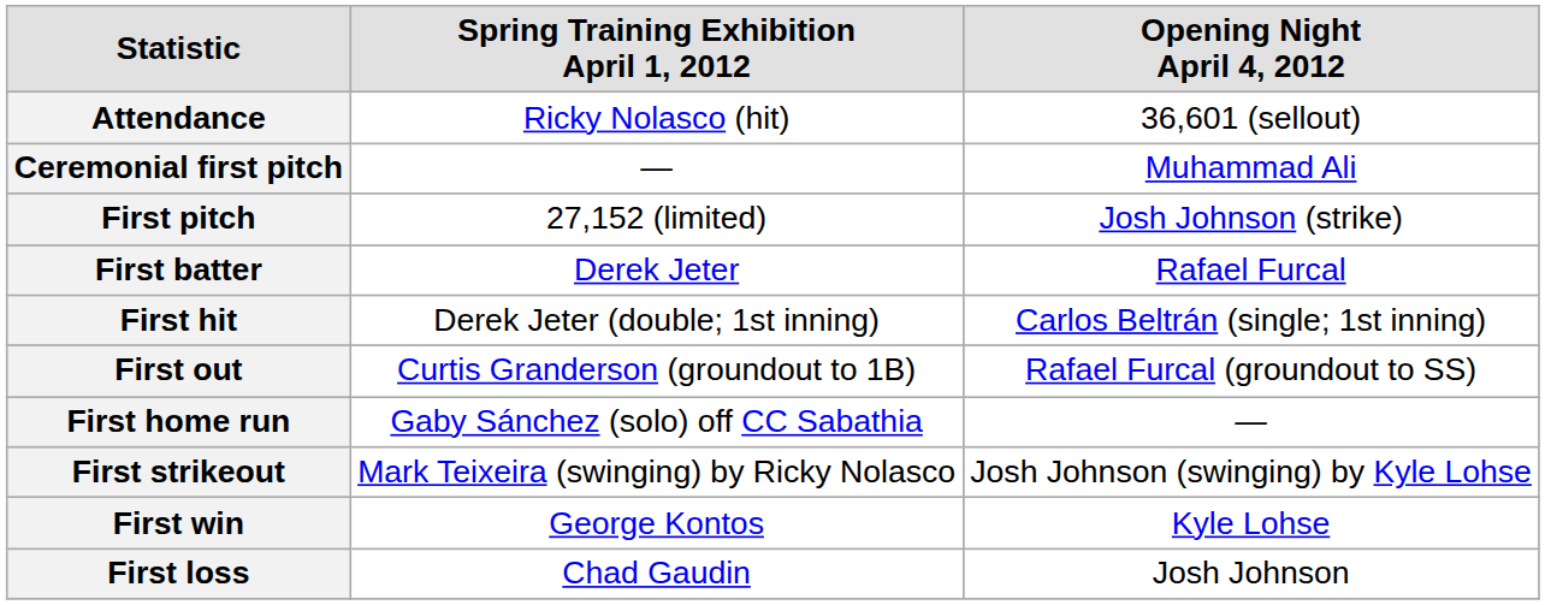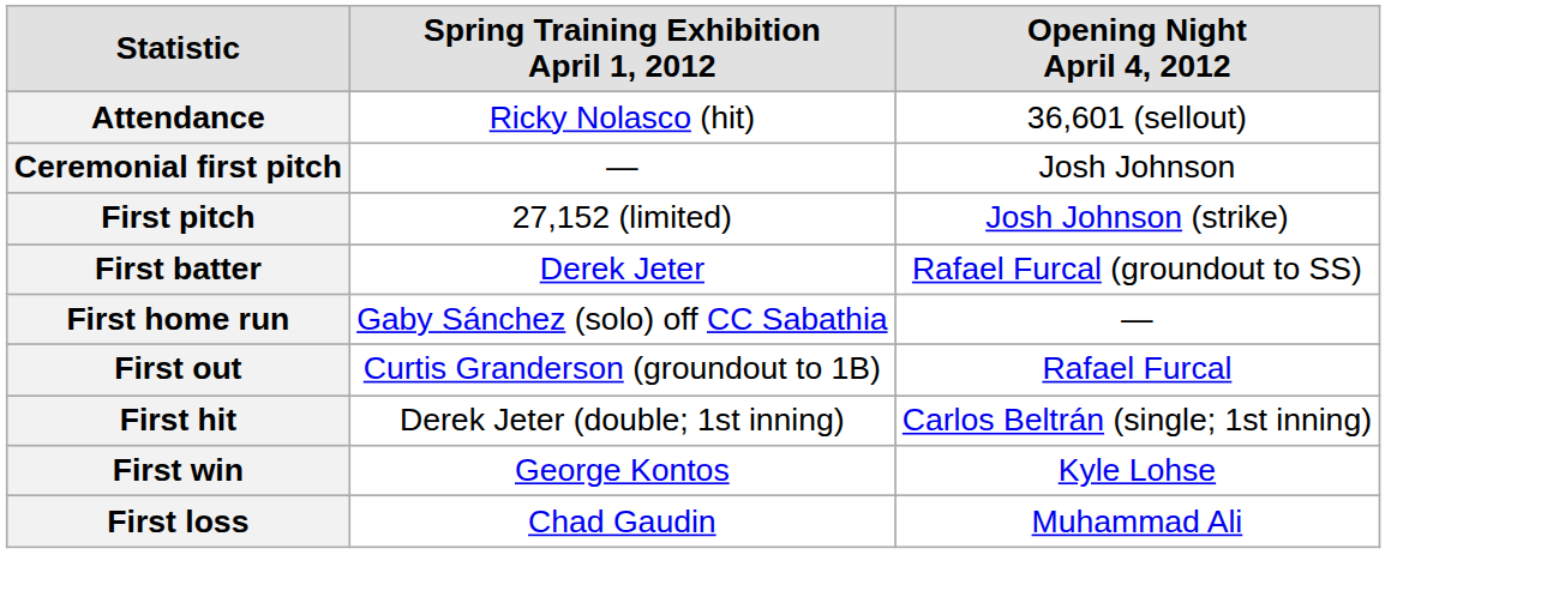 <table class="wikitable" style="margin:auto; margin-left:15px; text-align:center; background:#fff;">
 <tr style="background:#e1e1e1;">
 <td><strong>Statistic</strong></td>
 <td><strong>Spring Training Exhibition</strong><br><strong>April 1, 2012</strong></td>
 <td><strong>Opening Night</strong><br><strong>April 4, 2012</strong></td>
 </tr>
 <tr>
 <th>Attendance</th>
 <td><a href='#'>Ricky Nolasco</a> (hit)</td>
 <td>36,601 (sellout)</td>
 </tr>
 <tr>
 <th>Ceremonial first pitch</th>
 <td>—</td>
-<td><a href='#'>Muhammad Ali</a></td>
+<td>Josh Johnson</td>
 </tr>
 <tr>
 <th>First pitch</th>
 <td>27,152 (limited)</td>
 <td><a href='#'>Josh Johnson</a> (strike)</td>
 </tr>
 <tr>
 <th>First batter</th>
 <td><a href='#'>Derek Jeter</a></td>
-<td><a href='#'>Rafael Furcal</a></td>
-</tr>
-<tr>
-<th>First hit</th>
-<td>Derek Jeter (double; 1st inning)</td>
-<td><a href='#'>Carlos Beltrán</a> (single; 1st inning)</td>
-</tr>
-<tr>
-<th>First out</th>
-<td><a href='#'>Curtis Granderson</a> (groundout to 1B)</td>
 <td><a href='#'>Rafael Furcal</a> (groundout to SS)</td>
 </tr>
 <tr>
 <th>First home run</th>
 <td><a href='#'>Gaby Sánchez</a> (solo) off <a href='#'>CC Sabathia</a></td>
 <td>—</td>
 </tr>
 <tr>
-<th>First strikeout</th>
-<td><a href='#'>Mark Teixeira</a> (swinging) by Ricky Nolasco</td>
-<td>Josh Johnson (swinging) by <a href='#'>Kyle Lohse</a></td>
+<th>First out</th>
+<td><a href='#'>Curtis Granderson</a> (groundout to 1B)</td>
+<td><a href='#'>Rafael Furcal</a></td>
+</tr>
+<tr>
+<th>First hit</th>
+<td>Derek Jeter (double; 1st inning)</td>
+<td><a href='#'>Carlos Beltrán</a> (single; 1st inning)</td>
 </tr>
 <tr>
 <th>First win</th>
 <td><a href='#'>George Kontos</a></td>
 <td><a href='#'>Kyle Lohse</a></td>
 </tr>
 <tr>
 <th>First loss</th>
 <td><a href='#'>Chad Gaudin</a></td>
-<td>Josh Johnson</td>
+<td><a href='#'>Muhammad Ali</a></td>
 </tr>
 </table>
